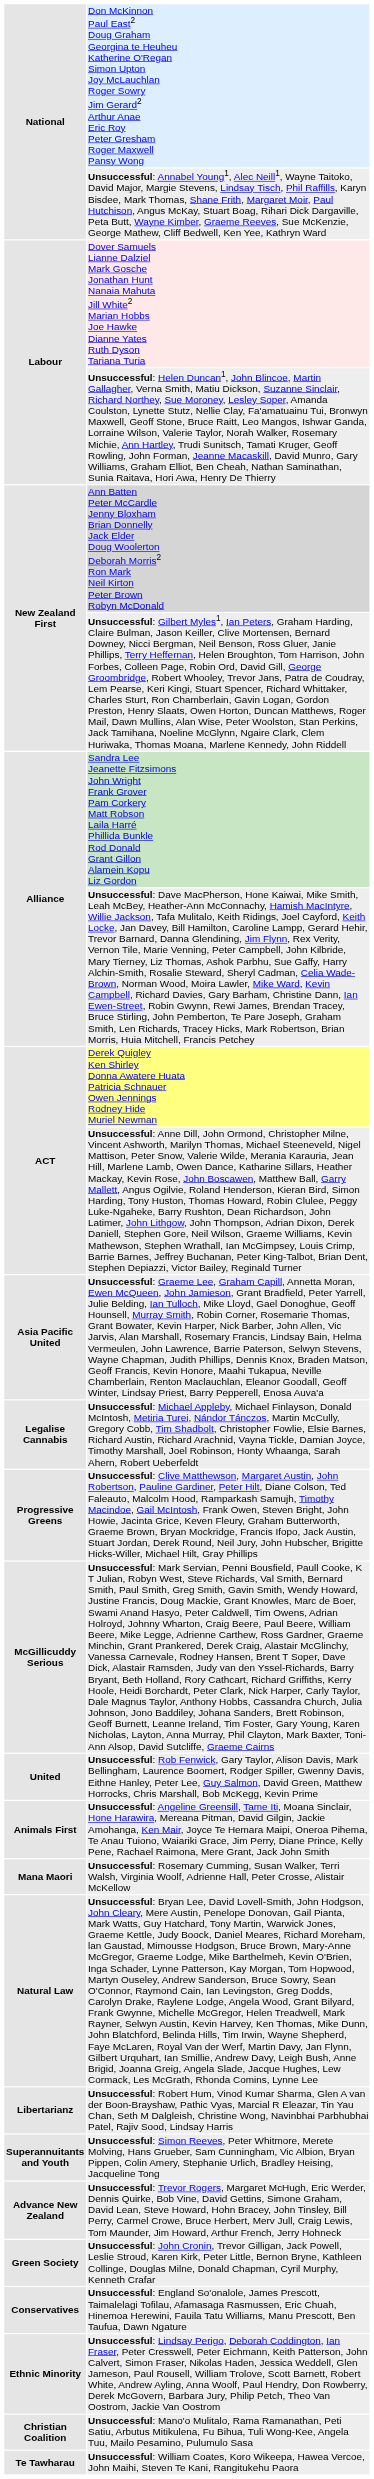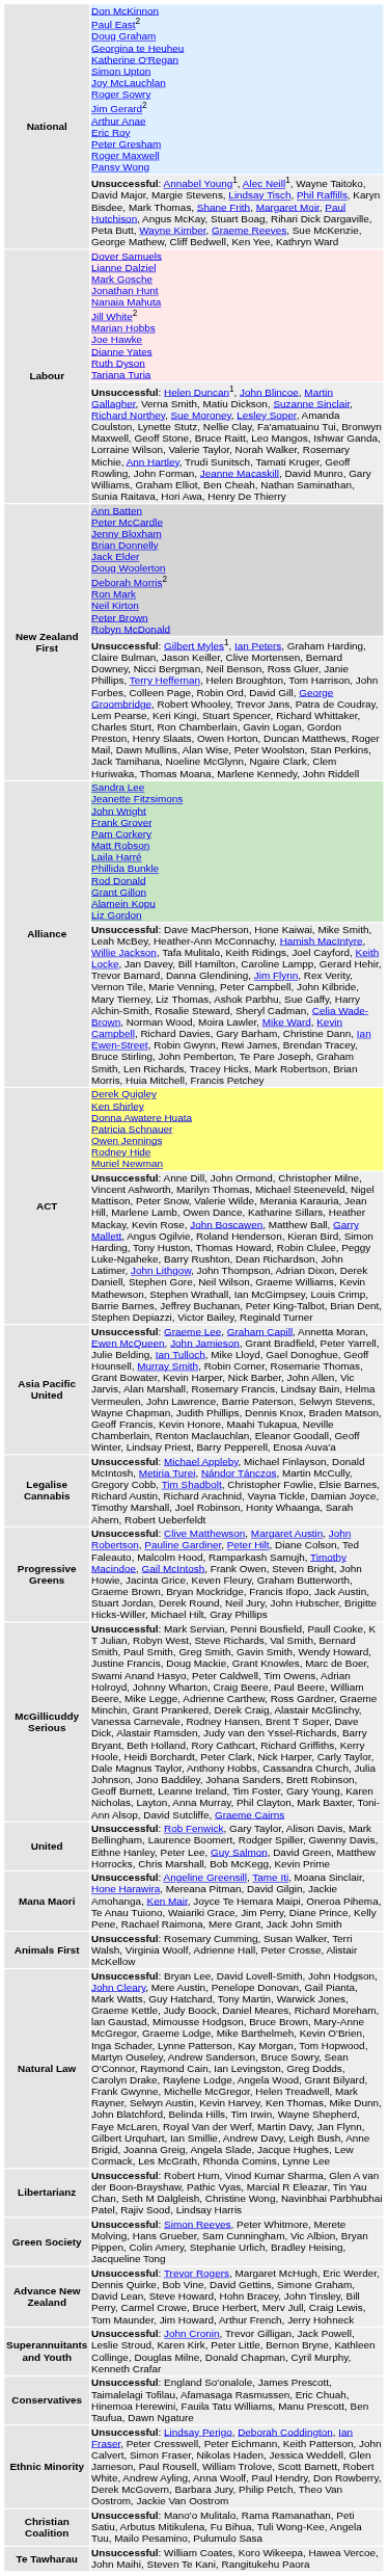 <table width=95%>
 <tr ------------------>
 <td bgcolor=#E5E5E5 rowspan=2 align=center><strong>National</strong></td>
 <td bgcolor=#DDEEFF><a href='#'>Don McKinnon</a><br><a href='#'>Paul East</a><sup>2</sup><br><a href='#'>Doug Graham</a><br><a href='#'>Georgina te Heuheu</a><br><a href='#'>Katherine O'Regan</a><br><a href='#'>Simon Upton</a><br><a href='#'>Joy McLauchlan</a><br><a href='#'>Roger Sowry</a><br><a href='#'>Jim Gerard</a><sup>2</sup><br><a href='#'>Arthur Anae</a><br><a href='#'>Eric Roy</a><br><a href='#'>Peter Gresham</a><br><a href='#'>Roger Maxwell</a><br><a href='#'>Pansy Wong</a></td>
 </tr>
 <tr>
 <td bgcolor=#EEEEEE><span><strong>Unsuccessful</strong>: <a href='#'>Annabel Young</a><sup>1</sup>, <a href='#'>Alec Neill</a><sup>1</sup>, Wayne Taitoko, David Major, Margie Stevens, <a href='#'>Lindsay Tisch</a>, <a href='#'>Phil Raffills</a>, Karyn Bisdee, Mark Thomas, <a href='#'>Shane Frith</a>, <a href='#'>Margaret Moir</a>, <a href='#'>Paul Hutchison</a>, Angus McKay, Stuart Boag, Rihari Dick Dargaville, Peta Butt, <a href='#'>Wayne Kimber</a>, <a href='#'>Graeme Reeves</a>, Sue McKenzie, George Mathew, Cliff Bedwell, Ken Yee, Kathryn Ward</span></td>
 </tr>
 <tr ------------------>
 <td bgcolor=#E5E5E5 rowspan=2 align=center><strong>Labour</strong></td>
 <td bgcolor=#FFE8E8><a href='#'>Dover Samuels</a><br><a href='#'>Lianne Dalziel</a><br><a href='#'>Mark Gosche</a><br><a href='#'>Jonathan Hunt</a><br><a href='#'>Nanaia Mahuta</a><br><a href='#'>Jill White</a><sup>2</sup><br><a href='#'>Marian Hobbs</a><br><a href='#'>Joe Hawke</a><br><a href='#'>Dianne Yates</a><br><a href='#'>Ruth Dyson</a><br><a href='#'>Tariana Turia</a></td>
 </tr>
 <tr>
 <td bgcolor=#EEEEEE><span><strong>Unsuccessful</strong>: <a href='#'>Helen Duncan</a><sup>1</sup>, <a href='#'>John Blincoe</a>, <a href='#'>Martin Gallagher</a>, Verna Smith, Matiu Dickson, <a href='#'>Suzanne Sinclair</a>, <a href='#'>Richard Northey</a>, <a href='#'>Sue Moroney</a>, <a href='#'>Lesley Soper</a>, Amanda Coulston, Lynette Stutz, Nellie Clay, Fa'amatuainu Tui, Bronwyn Maxwell, Geoff Stone, Bruce Raitt, Leo Mangos, Ishwar Ganda, Lorraine Wilson, Valerie Taylor, Norah Walker, Rosemary Michie, <a href='#'>Ann Hartley</a>, Trudi Sunitsch, Tamati Kruger, Geoff Rowling, John Forman, <a href='#'>Jeanne Macaskill</a>, David Munro, Gary Williams, Graham Elliot, Ben Cheah, Nathan Saminathan, Sunia Raitava, Hori Awa, Henry De Thierry</span></td>
 </tr>
 <tr ------------------>
 <td bgcolor=#E5E5E5 rowspan=2 align=center><strong>New Zealand First</strong></td>
 <td bgcolor=#D5D5D5><a href='#'>Ann Batten</a><br><a href='#'>Peter McCardle</a><br><a href='#'>Jenny Bloxham</a><br><a href='#'>Brian Donnelly</a><br><a href='#'>Jack Elder</a><br><a href='#'>Doug Woolerton</a><br><a href='#'>Deborah Morris</a><sup>2</sup><br><a href='#'>Ron Mark</a><br><a href='#'>Neil Kirton</a><br><a href='#'>Peter Brown</a><br><a href='#'>Robyn McDonald</a></td>
 </tr>
 <tr>
 <td bgcolor=#EEEEEE><span><strong>Unsuccessful</strong>: <a href='#'>Gilbert Myles</a><sup>1</sup>, <a href='#'>Ian Peters</a>, Graham Harding, Claire Bulman, Jason Keiller, Clive Mortensen, Bernard Downey, Nicci Bergman, Neil Benson, Ross Gluer, Janie Phillips, <a href='#'>Terry Heffernan</a>, Helen Broughton, Tom Harrison, John Forbes, Colleen Page, Robin Ord, David Gill, <a href='#'>George Groombridge</a>, Robert Whooley, Trevor Jans, Patra de Coudray, Lem Pearse, Keri Kingi, Stuart Spencer, Richard Whittaker, Charles Sturt, Ron Chamberlain, Gavin Logan, Gordon Preston, Henry Slaats, Owen Horton, Duncan Matthews, Roger Mail, Dawn Mullins, Alan Wise, Peter Woolston, Stan Perkins, Jack Tamihana, Noeline McGlynn, Ngaire Clark, Clem Huriwaka, Thomas Moana, Marlene Kennedy, John Riddell</span></td>
 </tr>
 <tr ------------------>
 <td bgcolor=#E5E5E5 rowspan=2 align=center><strong>Alliance</strong></td>
 <td bgcolor=#C9E6C4><a href='#'>Sandra Lee</a><br><a href='#'>Jeanette Fitzsimons</a><br><a href='#'>John Wright</a><br><a href='#'>Frank Grover</a><br><a href='#'>Pam Corkery</a><br><a href='#'>Matt Robson</a><br><a href='#'>Laila Harré</a><br><a href='#'>Phillida Bunkle</a><br><a href='#'>Rod Donald</a><br><a href='#'>Grant Gillon</a><br><a href='#'>Alamein Kopu</a><br><a href='#'>Liz Gordon</a></td>
 </tr>
 <tr>
 <td bgcolor=#EEEEEE><span><strong>Unsuccessful</strong>: Dave MacPherson, Hone Kaiwai, Mike Smith, Leah McBey, Heather-Ann McConnachy, <a href='#'>Hamish MacIntyre</a>, <a href='#'>Willie Jackson</a>, Tafa Mulitalo, Keith Ridings, Joel Cayford, <a href='#'>Keith Locke</a>, Jan Davey, Bill Hamilton, Caroline Lampp, Gerard Hehir, Trevor Barnard, Danna Glendining, <a href='#'>Jim Flynn</a>, Rex Verity, Vernon Tile, Marie Venning, Peter Campbell, John Kilbride, Mary Tierney, Liz Thomas, Ashok Parbhu, Sue Gaffy, Harry Alchin-Smith, Rosalie Steward, Sheryl Cadman, <a href='#'>Celia Wade-Brown</a>, Norman Wood, Moira Lawler, <a href='#'>Mike Ward</a>, <a href='#'>Kevin Campbell</a>, Richard Davies, Gary Barham, Christine Dann, <a href='#'>Ian Ewen-Street</a>, Robin Gwynn, Rewi James, Brendan Tracey, Bruce Stirling, John Pemberton, Te Pare Joseph, Graham Smith, Len Richards, Tracey Hicks, Mark Robertson, Brian Morris, Huia Mitchell, Francis Petchey</span></td>
 </tr>
 <tr ------------------>
 <td bgcolor=#E5E5E5 rowspan=2 align=center><strong>ACT</strong></td>
 <td bgcolor=#FFFF80><a href='#'>Derek Quigley</a><br><a href='#'>Ken Shirley</a><br><a href='#'>Donna Awatere Huata</a><br><a href='#'>Patricia Schnauer</a><br><a href='#'>Owen Jennings</a><br><a href='#'>Rodney Hide</a><br><a href='#'>Muriel Newman</a></td>
 </tr>
 <tr>
 <td bgcolor=#EEEEEE><span><strong>Unsuccessful</strong>: Anne Dill, John Ormond, Christopher Milne, Vincent Ashworth, Marilyn Thomas, Michael Steeneveld, Nigel Mattison, Peter Snow, Valerie Wilde, Merania Karauria, Jean Hill, Marlene Lamb, Owen Dance, Katharine Sillars, Heather Mackay, Kevin Rose, <a href='#'>John Boscawen</a>, Matthew Ball, <a href='#'>Garry Mallett</a>, Angus Ogilvie, Roland Henderson, Kieran Bird, Simon Harding, Tony Huston, Thomas Howard, Robin Clulee, Peggy Luke-Ngaheke, Barry Rushton, Dean Richardson, John Latimer, <a href='#'>John Lithgow</a>, John Thompson, Adrian Dixon, Derek Daniell, Stephen Gore, Neil Wilson, Graeme Williams, Kevin Mathewson, Stephen Wrathall, Ian McGimpsey, Louis Crimp, Barrie Barnes, Jeffrey Buchanan, Peter King-Talbot, Brian Dent, Stephen Depiazzi, Victor Bailey, Reginald Turner</span></td>
 </tr>
 <tr ------------------>
 <td bgcolor=#E5E5E5 align=center><strong>Asia Pacific United</strong></td>
 <td bgcolor=#EEEEEE><span><strong>Unsuccessful</strong>: <a href='#'>Graeme Lee</a>, <a href='#'>Graham Capill</a>, Annetta Moran, <a href='#'>Ewen McQueen</a>, <a href='#'>John Jamieson</a>, Grant Bradfield, Peter Yarrell, Julie Belding, <a href='#'>Ian Tulloch</a>, Mike Lloyd, Gael Donoghue, Geoff Hounsell, <a href='#'>Murray Smith</a>, Robin Corner, Rosemarie Thomas, Grant Bowater, Kevin Harper, Nick Barber, John Allen, Vic Jarvis, Alan Marshall, Rosemary Francis, Lindsay Bain, Helma Vermeulen, John Lawrence, Barrie Paterson, Selwyn Stevens, Wayne Chapman, Judith Phillips, Dennis Knox, Braden Matson, Geoff Francis, Kevin Honore, Maahi Tukapua, Neville Chamberlain, Renton Maclauchlan, Eleanor Goodall, Geoff Winter, Lindsay Priest, Barry Pepperell, Enosa Auva'a</span></td>
 </tr>
 <tr ------------------>
 <td bgcolor=#E5E5E5 align=center><strong>Legalise Cannabis</strong></td>
 <td bgcolor=#EEEEEE><span><strong>Unsuccessful</strong>: <a href='#'>Michael Appleby</a>, Michael Finlayson, Donald McIntosh, <a href='#'>Metiria Turei</a>, <a href='#'>Nándor Tánczos</a>, Martin McCully, Gregory Cobb, <a href='#'>Tim Shadbolt</a>, Christopher Fowlie, Elsie Barnes, Richard Austin, Richard Arachnid, Vayna Tickle, Damian Joyce, Timothy Marshall, Joel Robinson, Honty Whaanga, Sarah Ahern, Robert Ueberfeldt</span></td>
 </tr>
 <tr ------------------>
 <td bgcolor=#E5E5E5 align=center><strong>Progressive Greens</strong></td>
 <td bgcolor=#EEEEEE><span><strong>Unsuccessful</strong>: <a href='#'>Clive Matthewson</a>, <a href='#'>Margaret Austin</a>, <a href='#'>John Robertson</a>, <a href='#'>Pauline Gardiner</a>, <a href='#'>Peter Hilt</a>, Diane Colson, Ted Faleauto, Malcolm Hood, Ramparkash Samujh, <a href='#'>Timothy Macindoe</a>, <a href='#'>Gail McIntosh</a>, Frank Owen, Steven Bright, John Howie, Jacinta Grice, Keven Fleury, Graham Butterworth, Graeme Brown, Bryan Mockridge, Francis Ifopo, Jack Austin, Stuart Jordan, Derek Round, Neil Jury, John Hubscher, Brigitte Hicks-Willer, Michael Hilt, Gray Phillips</span></td>
 </tr>
 <tr ------------------>
 <td bgcolor=#E5E5E5 align=center><strong>McGillicuddy Serious</strong></td>
 <td bgcolor=#EEEEEE><span><strong>Unsuccessful</strong>: Mark Servian, Penni Bousfield, Paull Cooke, K T Julian, Robyn West, Steve Richards, Val Smith, Bernard Smith, Paul Smith, Greg Smith, Gavin Smith, Wendy Howard, Justine Francis, Doug Mackie, Grant Knowles, Marc de Boer, Swami Anand Hasyo, Peter Caldwell, Tim Owens, Adrian Holroyd, Johnny Wharton, Craig Beere, Paul Beere, William Beere, Mike Legge, Adrienne Carthew, Ross Gardner, Graeme Minchin, Grant Prankered, Derek Craig, Alastair McGlinchy, Vanessa Carnevale, Rodney Hansen, Brent T Soper, Dave Dick, Alastair Ramsden, Judy van den Yssel-Richards, Barry Bryant, Beth Holland, Rory Cathcart, Richard Griffiths, Kerry Hoole, Heidi Borchardt, Peter Clark, Nick Harper, Carly Taylor, Dale Magnus Taylor, Anthony Hobbs, Cassandra Church, Julia Johnson, Jono Baddiley, Johana Sanders, Brett Robinson, Geoff Burnett, Leanne Ireland, Tim Foster, Gary Young, Karen Nicholas, Layton, Anna Murray, Phil Clayton, Mark Baxter, Toni-Ann Alsop, David Sutcliffe, <a href='#'>Graeme Cairns</a></span></td>
 </tr>
 <tr ------------------>
 <td bgcolor=#E5E5E5 align=center><strong>United</strong></td>
 <td bgcolor=#EEEEEE><span><strong>Unsuccessful</strong>: <a href='#'>Rob Fenwick</a>, Gary Taylor, Alison Davis, Mark Bellingham, Laurence Boomert, Rodger Spiller, Gwenny Davis, Eithne Hanley, Peter Lee, <a href='#'>Guy Salmon</a>, David Green, Matthew Horrocks, Chris Marshall, Bob McKegg, Kevin Prime</span></td>
 </tr>
 <tr ------------------>
-<td bgcolor=#E5E5E5 align=center><strong>Animals First</strong></td>
+<td bgcolor=#E5E5E5 align=center><strong>Mana Maori</strong></td>
 <td bgcolor=#EEEEEE><span><strong>Unsuccessful</strong>: <a href='#'>Angeline Greensill</a>, <a href='#'>Tame Iti</a>, Moana Sinclair, <a href='#'>Hone Harawira</a>, Mereana Pitman, David Gilgin, Jackie Amohanga, <a href='#'>Ken Mair</a>, Joyce Te Hemara Maipi, Oneroa Pihema, Te Anau Tuiono, Waiariki Grace, Jim Perry, Diane Prince, Kelly Pene, Rachael Raimona, Mere Grant, Jack John Smith</span></td>
 </tr>
 <tr ------------------>
-<td bgcolor=#E5E5E5 align=center><strong>Mana Maori</strong></td>
+<td bgcolor=#E5E5E5 align=center><strong>Animals First</strong></td>
 <td bgcolor=#EEEEEE><span><strong>Unsuccessful</strong>: Rosemary Cumming, Susan Walker, Terri Walsh, Virginia Woolf, Adrienne Hall, Peter Crosse, Alistair McKellow</span></td>
 </tr>
 <tr ------------------>
 <td bgcolor=#E5E5E5 align=center><strong>Natural Law</strong></td>
 <td bgcolor=#EEEEEE><span><strong>Unsuccessful</strong>: Bryan Lee, David Lovell-Smith, John Hodgson, <a href='#'>John Cleary</a>, Mere Austin, Penelope Donovan, Gail Pianta, Mark Watts, Guy Hatchard, Tony Martin, Warwick Jones, Graeme Kettle, Judy Boock, Daniel Meares, Richard Moreham, lan Gaustad, Mimousse Hodgson, Bruce Brown, Mary-Anne McGregor, Graeme Lodge, Mike Barthelmeh, Kevin O'Brien, Inga Schader, Lynne Patterson, Kay Morgan, Tom Hopwood, Martyn Ouseley, Andrew Sanderson, Bruce Sowry, Sean O'Connor, Raymond Cain, Ian Levingston, Greg Dodds, Carolyn Drake, Raylene Lodge, Angela Wood, Grant Bilyard, Frank Gwynne, Michelle McGregor, Helen Treadwell, Mark Rayner, Selwyn Austin, Kevin Harvey, Ken Thomas, Mike Dunn, John Blatchford, Belinda Hills, Tim Irwin, Wayne Shepherd, Faye McLaren, Royal Van der Werf, Martin Davy, Jan Flynn, Gilbert Urquhart, Ian Smillie, Andrew Davy, Leigh Bush, Anne Brigid, Joanna Greig, Angela Slade, Jacque Hughes, Lew Cormack, Les McGrath, Rhonda Comins, Lynne Lee</span></td>
 </tr>
 <tr ------------------>
 <td bgcolor=#E5E5E5 align=center><strong>Libertarianz</strong></td>
 <td bgcolor=#EEEEEE><span><strong>Unsuccessful</strong>: Robert Hum, Vinod Kumar Sharma, Glen A van der Boon-Brayshaw, Pathic Vyas, Marcial R Eleazar, Tin Yau Chan, Seth M Dalgleish, Christine Wong, Navinbhai Parbhubhai Patel, Rajiv Sood, Lindsay Harris</span></td>
 </tr>
 <tr ------------------>
-<td bgcolor=#E5E5E5 align=center><strong>Superannuitants and Youth</strong></td>
+<td bgcolor=#E5E5E5 align=center><strong>Green Society</strong></td>
 <td bgcolor=#EEEEEE><span><strong>Unsuccessful</strong>: <a href='#'>Simon Reeves</a>, Peter Whitmore, Merete Molving, Hans Grueber, Sam Cunningham, Vic Albion, Bryan Pippen, Colin Amery, Stephanie Urlich, Bradley Heising, Jacqueline Tong</span></td>
 </tr>
 <tr ------------------>
 <td bgcolor=#E5E5E5 align=center><strong>Advance New Zealand</strong></td>
 <td bgcolor=#EEEEEE><span><strong>Unsuccessful</strong>: <a href='#'>Trevor Rogers</a>, Margaret McHugh, Eric Werder, Dennis Quirke, Bob Vine, David Gettins, Simone Graham, David Lean, Steve Howard, Hohn Bracey, John Tinsley, Bill Perry, Carmel Crowe, Bruce Herbert, Merv Jull, Craig Lewis, Tom Maunder, Jim Howard, Arthur French, Jerry Hohneck</span></td>
 </tr>
 <tr ------------------>
-<td bgcolor=#E5E5E5 align=center><strong>Green Society</strong></td>
+<td bgcolor=#E5E5E5 align=center><strong>Superannuitants and Youth</strong></td>
 <td bgcolor=#EEEEEE><span><strong>Unsuccessful</strong>: <a href='#'>John Cronin</a>, Trevor Gilligan, Jack Powell, Leslie Stroud, Karen Kirk, Peter Little, Bernon Bryne, Kathleen Collinge, Douglas Milne, Donald Chapman, Cyril Murphy, Kenneth Crafar</span></td>
 </tr>
 <tr ------------------>
 <td bgcolor=#E5E5E5 align=center><strong>Conservatives</strong></td>
 <td bgcolor=#EEEEEE><span><strong>Unsuccessful</strong>: England So'onalole, James Prescott, Taimalelagi Tofilau, Afamasaga Rasmussen, Eric Chuah, Hinemoa Herewini, Fauila Tatu Williams, Manu Prescott, Ben Taufua, Dawn Ngature</span></td>
 </tr>
 <tr ------------------>
 <td bgcolor=#E5E5E5 align=center><strong>Ethnic Minority</strong></td>
 <td bgcolor=#EEEEEE><span><strong>Unsuccessful</strong>: <a href='#'>Lindsay Perigo</a>, <a href='#'>Deborah Coddington</a>, <a href='#'>Ian Fraser</a>, Peter Cresswell, Peter Eichmann, Keith Patterson, John Calvert, Simon Fraser, Nikolas Haden, Jessica Weddell, Glen Jameson, Paul Rousell, William Trolove, Scott Barnett, Robert White, Andrew Ayling, Anna Woolf, Paul Hendry, Don Rowberry, Derek McGovern, Barbara Jury, Philip Petch, Theo Van Oostrom, Jackie Van Oostrom</span></td>
 </tr>
 <tr ------------------>
 <td bgcolor=#E5E5E5 align=center><strong>Christian Coalition</strong></td>
 <td bgcolor=#EEEEEE><span><strong>Unsuccessful</strong>: Mano'o Mulitalo, Rama Ramanathan, Peti Satiu, Arbutus Mitikulena, Fu Bihua, Tuli Wong-Kee, Angela Tuu, Mailo Pesamino, Pulumulo Sasa</span></td>
 </tr>
 <tr ------------------>
 <td bgcolor=#E5E5E5 align=center><strong>Te Tawharau</strong></td>
 <td bgcolor=#EEEEEE><span><strong>Unsuccessful</strong>: William Coates, Koro Wikeepa, Hawea Vercoe, John Maihi, Steven Te Kani, Rangitukehu Paora</span></td>
 </tr>
 </table>
